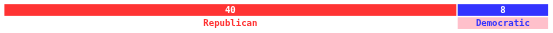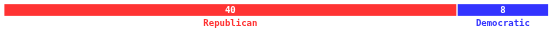 <table style="width:50%">
 <tr>
 <td scope="row" colspan="3" style="text-align:center"></td>
 </tr>
 <tr>
 <td scope="row" style="background:#F33; width:83.33%; text-align:center; color:white"><strong>40</strong></td>
 <td style="background:#33F; width:16.67%; text-align:center; color:white"><strong>8</strong></td>
 </tr>
 <tr>
 <td scope="row" style="text-align:center; color:#F33"><strong>Republican</strong></td>
-<td style="background: pink; text-align:center; color:#33F"><strong>Democratic</strong></td>
+<td style="text-align:center; color:#33F"><strong>Democratic</strong></td>
 </tr>
 </table>
